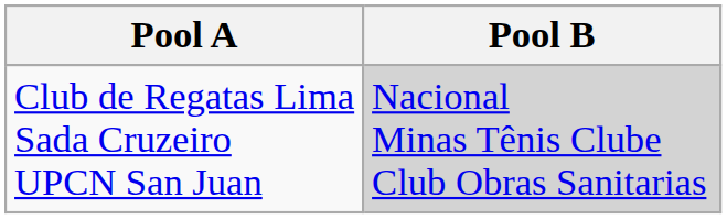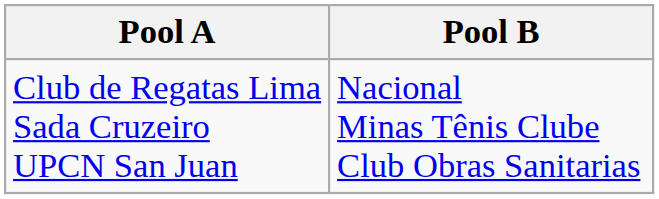 <table class="wikitable">
 <tr>
 <th width=50%>Pool A</th>
 <th width=50%>Pool B</th>
 </tr>
 <tr>
 <td> <a href='#'>Club de Regatas Lima</a><br> <a href='#'>Sada Cruzeiro</a><br> <a href='#'>UPCN San Juan</a></td>
-<td style="background: lightgrey;"> <a href='#'>Nacional</a><br> <a href='#'>Minas Tênis Clube</a><br> <a href='#'>Club Obras Sanitarias</a></td>
+<td> <a href='#'>Nacional</a><br> <a href='#'>Minas Tênis Clube</a><br> <a href='#'>Club Obras Sanitarias</a></td>
 </tr>
 </table>
